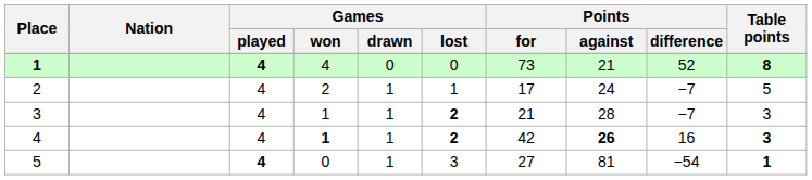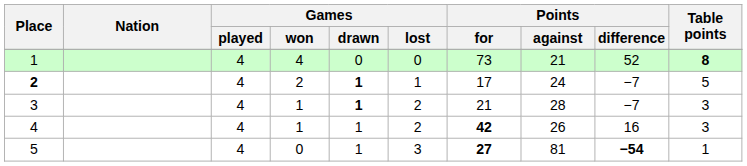 <table class="wikitable">
 <tr>
 <th rowspan=2 width="8%">Place</th>
 <th rowspan=2 width="20%">Nation</th>
 <th colspan=4 width="32%">Games</th>
 <th colspan=3 width="30%">Points</th>
 <th rowspan=2 width="10%">Table<br>points</th>
 </tr>
 <tr>
 <th width="8%">played</th>
 <th width="8%">won</th>
 <th width="8%">drawn</th>
 <th width="8%">lost</th>
 <th width="10%">for</th>
 <th width="10%">against</th>
 <th width="10%">difference</th>
 </tr>
 <tr>
 </tr>
 <tr bgcolor=#ccffcc align=center>
-<td><strong>1</strong></td>
+<td>1</td>
 <td align=left></td>
-<td><strong>4</strong></td>
+<td>4</td>
 <td>4</td>
 <td>0</td>
 <td>0</td>
 <td>73</td>
 <td>21</td>
 <td>52</td>
 <td><strong>8</strong></td>
 </tr>
 <tr bgcolor=#ffffff align=center>
-<td>2</td>
+<td><strong>2</strong></td>
 <td align=left></td>
 <td>4</td>
 <td>2</td>
-<td>1</td>
+<td><strong>1</strong></td>
 <td>1</td>
 <td>17</td>
 <td>24</td>
 <td>−7</td>
 <td>5</td>
 </tr>
 <tr bgcolor=#ffffff align=center>
 <td>3</td>
 <td align=left></td>
 <td>4</td>
 <td>1</td>
-<td>1</td>
-<td><strong>2</strong></td>
+<td><strong>1</strong></td>
+<td>2</td>
 <td>21</td>
 <td>28</td>
 <td>−7</td>
 <td>3</td>
 </tr>
 <tr bgcolor=#ffffff align=center>
 <td>4</td>
 <td align=left></td>
 <td>4</td>
-<td><strong>1</strong></td>
 <td>1</td>
-<td><strong>2</strong></td>
-<td>42</td>
-<td><strong>26</strong></td>
+<td>1</td>
+<td>2</td>
+<td><strong>42</strong></td>
+<td>26</td>
 <td>16</td>
-<td><strong>3</strong></td>
+<td>3</td>
 </tr>
 <tr bgcolor=#ffffff align=center>
 <td>5</td>
 <td align=left></td>
-<td><strong>4</strong></td>
+<td>4</td>
 <td>0</td>
 <td>1</td>
 <td>3</td>
-<td>27</td>
+<td><strong>27</strong></td>
 <td>81</td>
-<td>−54</td>
-<td><strong>1</strong></td>
+<td><strong>−54</strong></td>
+<td>1</td>
 </tr>
 </table>
